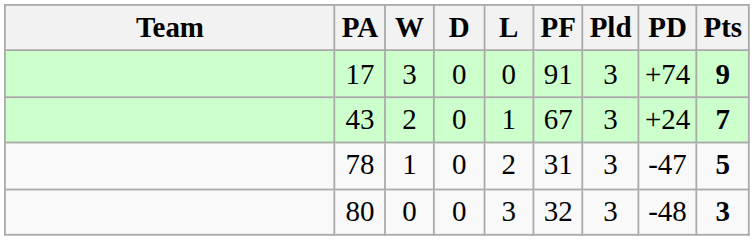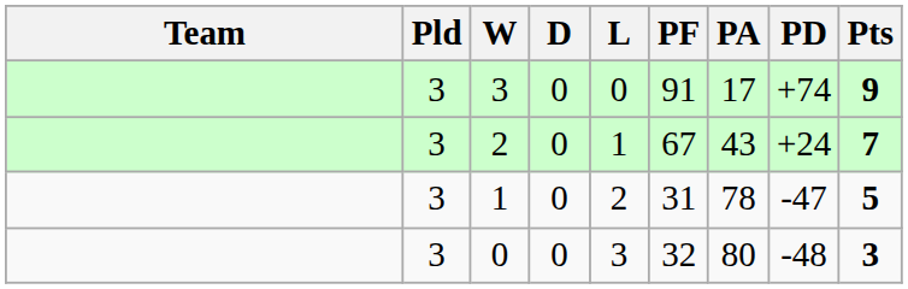 <table class="wikitable" style="text-align:center;">
 <tr>
 <th width=175>Team</th>
-<th width=20 abbr="Points against">PA</th>
+<th width=20 abbr="Played">Pld</th>
 <th width=20 abbr="Won">W</th>
 <th width=20 abbr="Drawn">D</th>
 <th width=20 abbr="Lost">L</th>
 <th width=20 abbr="Points for">PF</th>
-<th width=20 abbr="Played">Pld</th>
+<th width=20 abbr="Points against">PA</th>
 <th width=25 abbr="Points difference">PD</th>
 <th width=20 abbr="Points">Pts</th>
 </tr>
 <tr bgcolor=ccffcc>
 <td style="text-align:left;"></td>
-<td>17</td>
+<td>3</td>
 <td>3</td>
 <td>0</td>
 <td>0</td>
 <td>91</td>
-<td>3</td>
+<td>17</td>
 <td>+74</td>
 <td><strong>9</strong></td>
 </tr>
 <tr bgcolor=ccffcc>
 <td style="text-align:left;"></td>
-<td>43</td>
+<td>3</td>
 <td>2</td>
 <td>0</td>
 <td>1</td>
 <td>67</td>
-<td>3</td>
+<td>43</td>
 <td>+24</td>
 <td><strong>7</strong></td>
 </tr>
 <tr>
 <td style="text-align:left;"></td>
-<td>78</td>
+<td>3</td>
 <td>1</td>
 <td>0</td>
 <td>2</td>
 <td>31</td>
-<td>3</td>
+<td>78</td>
 <td>-47</td>
 <td><strong>5</strong></td>
 </tr>
 <tr>
 <td style="text-align:left;"></td>
-<td>80</td>
+<td>3</td>
 <td>0</td>
 <td>0</td>
 <td>3</td>
 <td>32</td>
-<td>3</td>
+<td>80</td>
 <td>-48</td>
 <td><strong>3</strong></td>
 </tr>
 </table>
